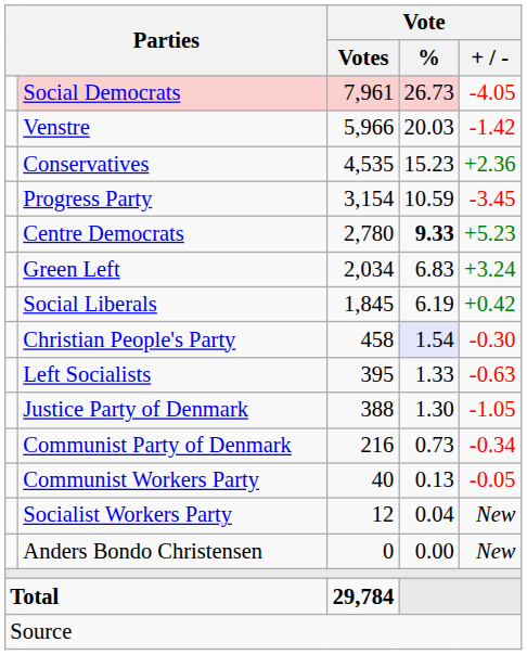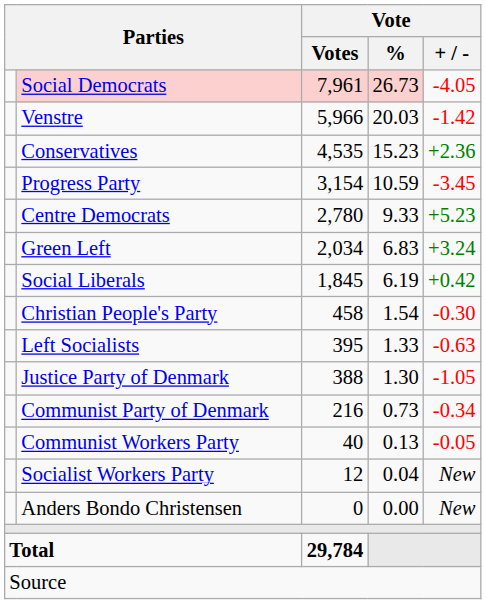 <table class="wikitable" style="text-align:right;">
 <tr>
 <th style="text-align:centre;" rowspan="2" colspan="2" width="225">Parties</th>
 <th colspan="3">Vote</th>
 </tr>
 <tr>
 <th width="15">Votes</th>
 <th width="15">%</th>
 <th width="15">+ / -</th>
 </tr>
 <tr>
 <td width="2" style="color:inherit;background:"></td>
 <td bgcolor=#fbd0ce  align="left"><a href='#'>Social Democrats</a></td>
 <td bgcolor=#fbd0ce>7,961</td>
 <td bgcolor=#fbd0ce>26.73</td>
 <td style=color:red;>-4.05</td>
 </tr>
 <tr>
 <td width="2" style="color:inherit;background:"></td>
 <td align="left"><a href='#'>Venstre</a></td>
 <td>5,966</td>
 <td>20.03</td>
 <td style=color:red;>-1.42</td>
 </tr>
 <tr>
 <td width="2" style="color:inherit;background:"></td>
 <td align="left"><a href='#'>Conservatives</a></td>
 <td>4,535</td>
 <td>15.23</td>
 <td style=color:green;>+2.36</td>
 </tr>
 <tr>
 <td width="2" style="color:inherit;background:"></td>
 <td align="left"><a href='#'>Progress Party</a></td>
 <td>3,154</td>
 <td>10.59</td>
 <td style=color:red;>-3.45</td>
 </tr>
 <tr>
 <td width="2" style="color:inherit;background:"></td>
 <td align="left"><a href='#'>Centre Democrats</a></td>
 <td>2,780</td>
-<td><strong>9.33</strong></td>
+<td>9.33</td>
 <td style=color:green;>+5.23</td>
 </tr>
 <tr>
 <td width="2" style="color:inherit;background:"></td>
 <td align="left"><a href='#'>Green Left</a></td>
 <td>2,034</td>
 <td>6.83</td>
 <td style=color:green;>+3.24</td>
 </tr>
 <tr>
 <td width="2" style="color:inherit;background:"></td>
 <td align="left"><a href='#'>Social Liberals</a></td>
 <td>1,845</td>
 <td>6.19</td>
 <td style=color:green;>+0.42</td>
 </tr>
 <tr>
 <td width="2" style="color:inherit;background:"></td>
 <td align="left"><a href='#'>Christian People's Party</a></td>
 <td>458</td>
-<td style="background: lavender;">1.54</td>
+<td>1.54</td>
 <td style=color:red;>-0.30</td>
 </tr>
 <tr>
 <td width="2" style="color:inherit;background:"></td>
 <td align="left"><a href='#'>Left Socialists</a></td>
 <td>395</td>
 <td>1.33</td>
 <td style=color:red;>-0.63</td>
 </tr>
 <tr>
 <td width="2" style="color:inherit;background:"></td>
 <td align="left"><a href='#'>Justice Party of Denmark</a></td>
 <td>388</td>
 <td>1.30</td>
 <td style=color:red;>-1.05</td>
 </tr>
 <tr>
 <td width="2" style="color:inherit;background:"></td>
 <td align="left"><a href='#'>Communist Party of Denmark</a></td>
 <td>216</td>
 <td>0.73</td>
 <td style=color:red;>-0.34</td>
 </tr>
 <tr>
 <td width="2" style="color:inherit;background:"></td>
 <td align="left"><a href='#'>Communist Workers Party</a></td>
 <td>40</td>
 <td>0.13</td>
 <td style=color:red;>-0.05</td>
 </tr>
 <tr>
 <td width="2" style="color:inherit;background:"></td>
 <td align="left"><a href='#'>Socialist Workers Party</a></td>
 <td>12</td>
 <td>0.04</td>
 <td><em>New</em></td>
 </tr>
 <tr>
 <td width="2" style="color:inherit;background:"></td>
 <td align="left">Anders Bondo Christensen</td>
 <td>0</td>
 <td>0.00</td>
 <td><em>New</em></td>
 </tr>
 <tr>
 <td colspan="7" bgcolor="#E9E9E9"></td>
 </tr>
 <tr>
 <td align="left" colspan="2"><strong>Total</strong></td>
 <td><strong>29,784</strong></td>
 <td bgcolor="#E9E9E9" colspan="2"></td>
 </tr>
 <tr>
 <td align="left" colspan="6">Source</td>
 </tr>
 </table>
